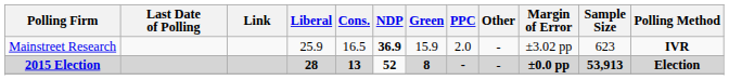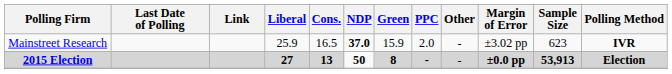 <table class="wikitable sortable" style="text-align:center;font-size:90%;line-height:14px;">
 <tr style="background:#e9e9e9;">
 <th style="width:120px">Polling Firm</th>
 <th style="width:110px">Last Date<br>of Polling</th>
 <th style="width:60px" class="unsortable">Link</th>
 <th style="background-color:"><strong><a href='#'>Liberal</a></strong></th>
 <th style="background-color:"><strong><a href='#'>Cons.</a></strong></th>
 <th style="background-color:"><strong><a href='#'>NDP</a></strong></th>
 <th style="background-color:"><strong><a href='#'>Green</a></strong></th>
 <th style="background-color:"><strong><a href='#'>PPC</a></strong></th>
 <th style="background-color:"><strong>Other</strong></th>
 <th style="width:60px;" class="unsortable">Margin<br>of Error</th>
 <th style="width:50px;" class="unsortable">Sample<br>Size</th>
 <th class="unsortable">Polling Method</th>
 </tr>
 <tr>
 <td><a href='#'>Mainstreet Research</a></td>
 <td></td>
 <td></td>
 <td>25.9</td>
 <td>16.5</td>
-<td><strong>36.9</strong></td>
+<td><strong>37.0</strong></td>
 <td>15.9</td>
 <td>2.0</td>
 <td>-</td>
 <td>±3.02 pp</td>
 <td>623</td>
 <td><strong>IVR</strong></td>
 </tr>
 <tr>
 <td style="background:#D5D5D5"><strong><a href='#'>2015 Election</a></strong></td>
 <td style="background:#D5D5D5"><strong></strong></td>
 <td style="background:#D5D5D5"></td>
-<td style="background:#D5D5D5"><strong>28</strong></td>
+<td style="background:#D5D5D5"><strong>27</strong></td>
 <td style="background:#D5D5D5"><strong>13</strong></td>
-<td><strong>52</strong></td>
+<td><strong>50</strong></td>
 <td style="background:#D5D5D5"><strong>8</strong></td>
 <td style="background:#D5D5D5"><strong>-</strong></td>
 <td style="background:#D5D5D5">-</td>
 <td style="background:#D5D5D5"><strong>±0.0 pp</strong></td>
 <td style="background:#D5D5D5"><strong>53,913</strong></td>
 <td style="background:#D5D5D5"><strong>Election</strong></td>
 </tr>
 <tr>
 </tr>
 <tr>
 </tr>
 </table>
